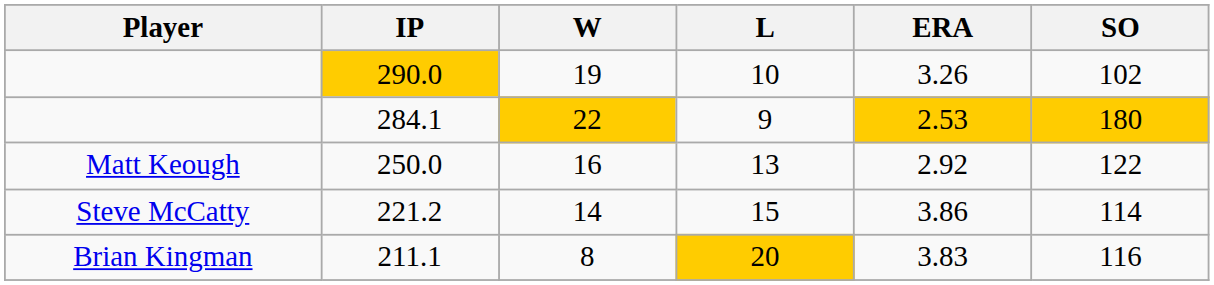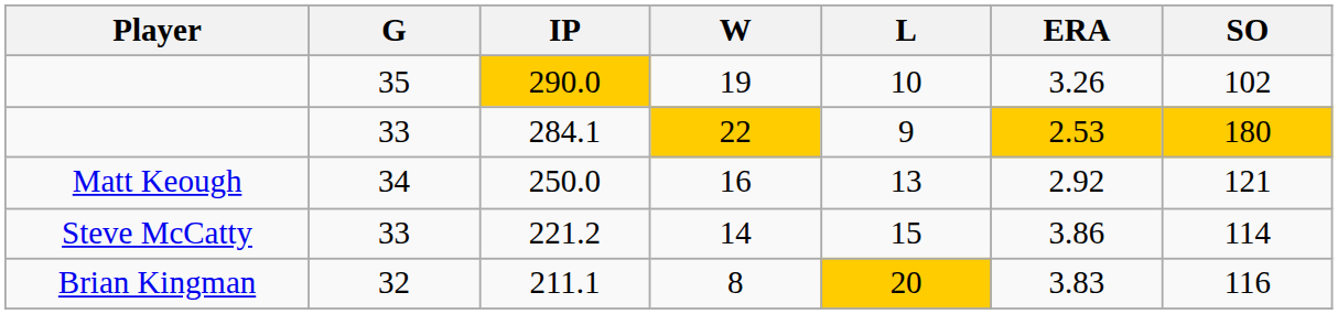 <table class="wikitable sortable">
 <tr>
 <th bgcolor="#DDDDFF" width="16%">Player</th>
+<th bgcolor="#DDDDFF" width="9%">G</th>
 <th bgcolor="#DDDDFF" width="9%">IP</th>
 <th bgcolor="#DDDDFF" width="9%">W</th>
 <th bgcolor="#DDDDFF" width="9%">L</th>
 <th bgcolor="#DDDDFF" width="9%">ERA</th>
 <th bgcolor="#DDDDFF" width="9%">SO</th>
 </tr>
 <tr align="center">
 <td></td>
+<td>35</td>
 <td style="background:#fc0;">290.0</td>
 <td>19</td>
 <td>10</td>
 <td>3.26</td>
 <td>102</td>
 </tr>
 <tr align="center">
 <td></td>
+<td>33</td>
 <td>284.1</td>
 <td style="background:#fc0;">22</td>
 <td>9</td>
 <td style="background:#fc0;">2.53</td>
 <td style="background:#fc0;">180</td>
 </tr>
 <tr align="center">
 <td><a href='#'>Matt Keough</a></td>
+<td>34</td>
 <td>250.0</td>
 <td>16</td>
 <td>13</td>
 <td>2.92</td>
-<td>122</td>
+<td>121</td>
 </tr>
 <tr align="center">
 <td><a href='#'>Steve McCatty</a></td>
+<td>33</td>
 <td>221.2</td>
 <td>14</td>
 <td>15</td>
 <td>3.86</td>
 <td>114</td>
 </tr>
 <tr align="center">
 <td><a href='#'>Brian Kingman</a></td>
+<td>32</td>
 <td>211.1</td>
 <td>8</td>
 <td style="background:#fc0;">20</td>
 <td>3.83</td>
 <td>116</td>
 </tr>
 </table>
